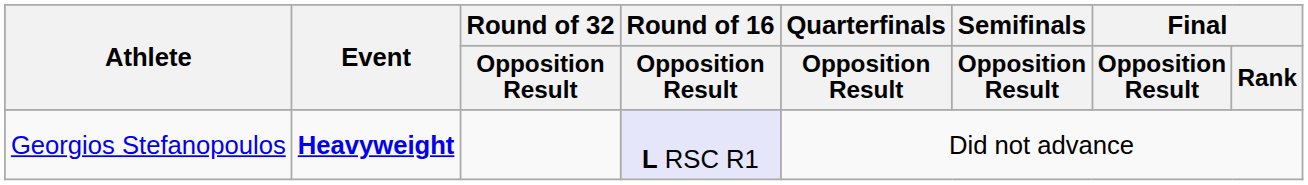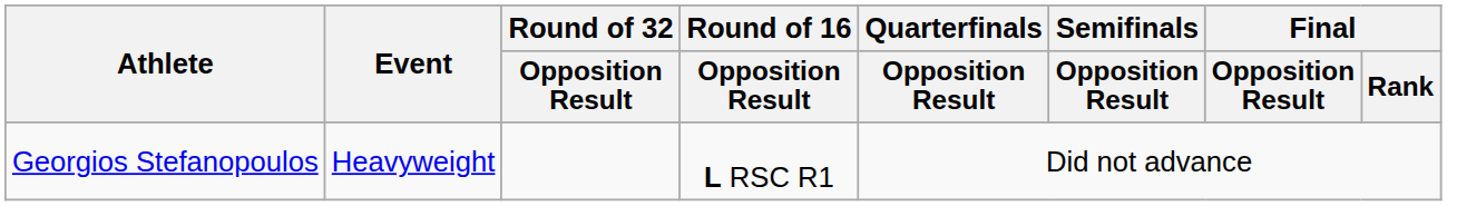 <table class="wikitable" style="font-size:90%">
 <tr>
 <th rowspan="2">Athlete</th>
 <th rowspan="2">Event</th>
 <th>Round of 32</th>
 <th>Round of 16</th>
 <th>Quarterfinals</th>
 <th>Semifinals</th>
 <th colspan=2>Final</th>
 </tr>
 <tr style="font-size:95%">
 <th>Opposition<br>Result</th>
 <th>Opposition<br>Result</th>
 <th>Opposition<br>Result</th>
 <th>Opposition<br>Result</th>
 <th>Opposition<br>Result</th>
 <th>Rank</th>
 </tr>
 <tr align=center>
 <td align=left><a href='#'>Georgios Stefanopoulos</a></td>
-<td align=left><strong><a href='#'>Heavyweight</a></strong></td>
+<td align=left><a href='#'>Heavyweight</a></td>
 <td></td>
-<td style="background: lavender;"><br><strong>L</strong> RSC R1</td>
+<td><br><strong>L</strong> RSC R1</td>
 <td colspan=4>Did not advance</td>
 </tr>
 </table>
